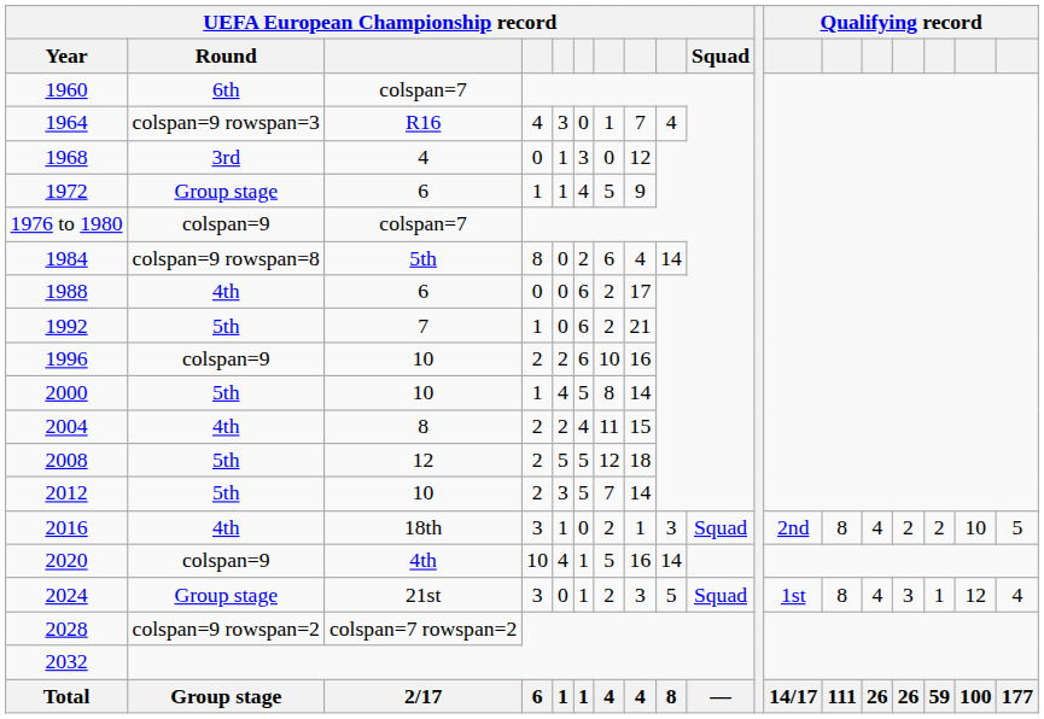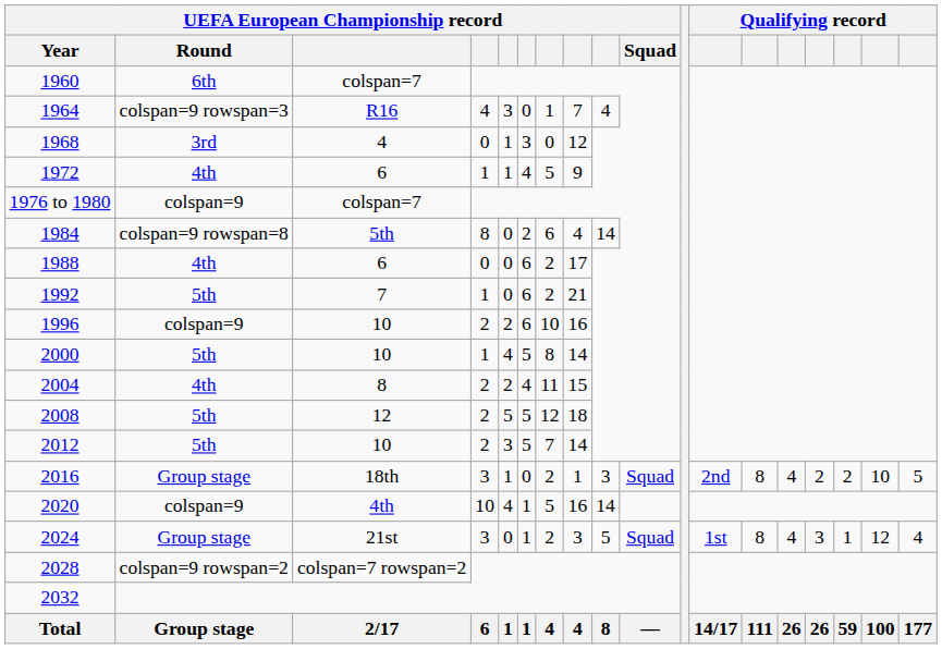 <table class="wikitable" style="text-align: center;">
 <tr>
 <th colspan=10><a href='#'>UEFA European Championship</a> record</th>
 <th rowspan=22></th>
 <th colspan=8><a href='#'>Qualifying</a> record</th>
 </tr>
 <tr>
 <th>Year</th>
 <th>Round</th>
 <th></th>
 <th></th>
 <th></th>
 <th></th>
 <th></th>
 <th></th>
 <th></th>
 <th>Squad</th>
 <th></th>
 <th></th>
 <th></th>
 <th></th>
 <th></th>
 <th></th>
 <th></th>
 </tr>
 <tr>
 <td> <a href='#'>1960</a></td>
 <td><a href='#'>6th</a></td>
 <td>colspan=7 </td>
 </tr>
 <tr>
 <td> <a href='#'>1964</a></td>
 <td>colspan=9 rowspan=3 </td>
 <td><a href='#'>R16</a></td>
 <td>4</td>
 <td>3</td>
 <td>0</td>
 <td>1</td>
 <td>7</td>
 <td>4</td>
 </tr>
 <tr>
 <td> <a href='#'>1968</a></td>
 <td><a href='#'>3rd</a></td>
 <td>4</td>
 <td>0</td>
 <td>1</td>
 <td>3</td>
 <td>0</td>
 <td>12</td>
 </tr>
 <tr>
 <td> <a href='#'>1972</a></td>
-<td><a href='#'>Group stage</a></td>
+<td><a href='#'>4th</a></td>
 <td>6</td>
 <td>1</td>
 <td>1</td>
 <td>4</td>
 <td>5</td>
 <td>9</td>
 </tr>
 <tr>
 <td> <a href='#'>1976</a> to  <a href='#'>1980</a></td>
 <td>colspan=9 </td>
 <td>colspan=7 </td>
 </tr>
 <tr>
 <td> <a href='#'>1984</a></td>
 <td>colspan=9 rowspan=8 </td>
 <td><a href='#'>5th</a></td>
 <td>8</td>
 <td>0</td>
 <td>2</td>
 <td>6</td>
 <td>4</td>
 <td>14</td>
 </tr>
 <tr>
 <td> <a href='#'>1988</a></td>
 <td><a href='#'>4th</a></td>
 <td>6</td>
 <td>0</td>
 <td>0</td>
 <td>6</td>
 <td>2</td>
 <td>17</td>
 </tr>
 <tr>
 <td> <a href='#'>1992</a></td>
 <td><a href='#'>5th</a></td>
 <td>7</td>
 <td>1</td>
 <td>0</td>
 <td>6</td>
 <td>2</td>
 <td>21</td>
 </tr>
 <tr>
 <td> <a href='#'>1996</a></td>
 <td>colspan=9 </td>
 <td>10</td>
 <td>2</td>
 <td>2</td>
 <td>6</td>
 <td>10</td>
 <td>16</td>
 </tr>
 <tr>
 <td>  <a href='#'>2000</a></td>
 <td><a href='#'>5th</a></td>
 <td>10</td>
 <td>1</td>
 <td>4</td>
 <td>5</td>
 <td>8</td>
 <td>14</td>
 </tr>
 <tr>
 <td> <a href='#'>2004</a></td>
 <td><a href='#'>4th</a></td>
 <td>8</td>
 <td>2</td>
 <td>2</td>
 <td>4</td>
 <td>11</td>
 <td>15</td>
 </tr>
 <tr>
 <td>  <a href='#'>2008</a></td>
 <td><a href='#'>5th</a></td>
 <td>12</td>
 <td>2</td>
 <td>5</td>
 <td>5</td>
 <td>12</td>
 <td>18</td>
 </tr>
 <tr>
 <td>  <a href='#'>2012</a></td>
 <td><a href='#'>5th</a></td>
 <td>10</td>
 <td>2</td>
 <td>3</td>
 <td>5</td>
 <td>7</td>
 <td>14</td>
 </tr>
 <tr>
 <td> <a href='#'>2016</a></td>
-<td><a href='#'>4th</a></td>
+<td><a href='#'>Group stage</a></td>
 <td>18th</td>
 <td>3</td>
 <td>1</td>
 <td>0</td>
 <td>2</td>
 <td>1</td>
 <td>3</td>
 <td><a href='#'>Squad</a></td>
 <td><a href='#'>2nd</a></td>
 <td>8</td>
 <td>4</td>
 <td>2</td>
 <td>2</td>
 <td>10</td>
 <td>5</td>
 </tr>
 <tr>
 <td> <a href='#'>2020</a></td>
 <td>colspan=9 </td>
 <td><a href='#'>4th</a></td>
 <td>10</td>
 <td>4</td>
 <td>1</td>
 <td>5</td>
 <td>16</td>
 <td>14</td>
 </tr>
 <tr>
 <td> <a href='#'>2024</a></td>
 <td><a href='#'>Group stage</a></td>
 <td>21st</td>
 <td>3</td>
 <td>0</td>
 <td>1</td>
 <td>2</td>
 <td>3</td>
 <td>5</td>
 <td><a href='#'>Squad</a></td>
 <td><a href='#'>1st</a></td>
 <td>8</td>
 <td>4</td>
 <td>3</td>
 <td>1</td>
 <td>12</td>
 <td>4</td>
 </tr>
 <tr>
 <td>   <a href='#'>2028</a></td>
 <td>colspan=9 rowspan=2 </td>
 <td>colspan=7 rowspan=2 </td>
 </tr>
 <tr>
 <td>  <a href='#'>2032</a></td>
 </tr>
 <tr>
 <th>Total</th>
 <th>Group stage</th>
 <th>2/17</th>
 <th>6</th>
 <th>1</th>
 <th>1</th>
 <th>4</th>
 <th>4</th>
 <th>8</th>
 <th>—</th>
 <th>14/17</th>
 <th>111</th>
 <th>26</th>
 <th>26</th>
 <th>59</th>
 <th>100</th>
 <th>177</th>
 </tr>
 </table>
